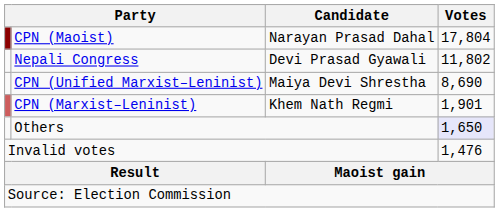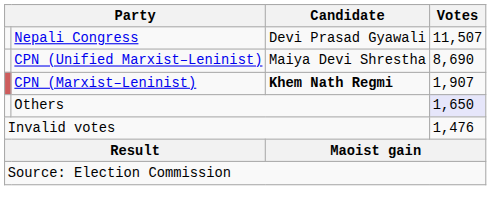 <table class="wikitable">
 <tr>
 <th colspan="2">Party</th>
 <th>Candidate</th>
 <th>Votes</th>
 </tr>
 <tr>
-<td style="background-color:darkred"></td>
-<td><a href='#'>CPN (Maoist)</a></td>
-<td>Narayan Prasad Dahal</td>
-<td>17,804</td>
-</tr>
-<tr>
 <td style="background-color:"></td>
 <td><a href='#'>Nepali Congress</a></td>
 <td>Devi Prasad Gyawali</td>
-<td>11,802</td>
+<td>11,507</td>
 </tr>
 <tr>
 <td style="background-color:"></td>
 <td><a href='#'>CPN (Unified Marxist–Leninist)</a></td>
 <td>Maiya Devi Shrestha</td>
 <td>8,690</td>
 </tr>
 <tr>
 <td style="background-color:indianred"></td>
 <td><a href='#'>CPN (Marxist–Leninist)</a></td>
-<td>Khem Nath Regmi</td>
-<td>1,901</td>
+<td><strong>Khem Nath Regmi</strong></td>
+<td>1,907</td>
 </tr>
 <tr>
 <td></td>
 <td colspan="2">Others</td>
 <td style="background: lavender;">1,650</td>
 </tr>
 <tr>
 <td colspan="3">Invalid votes</td>
 <td>1,476</td>
 </tr>
 <tr>
 <th colspan="2">Result</th>
 <th colspan="2">Maoist gain</th>
 </tr>
 <tr>
 <td colspan="4">Source: Election Commission</td>
 </tr>
 </table>
